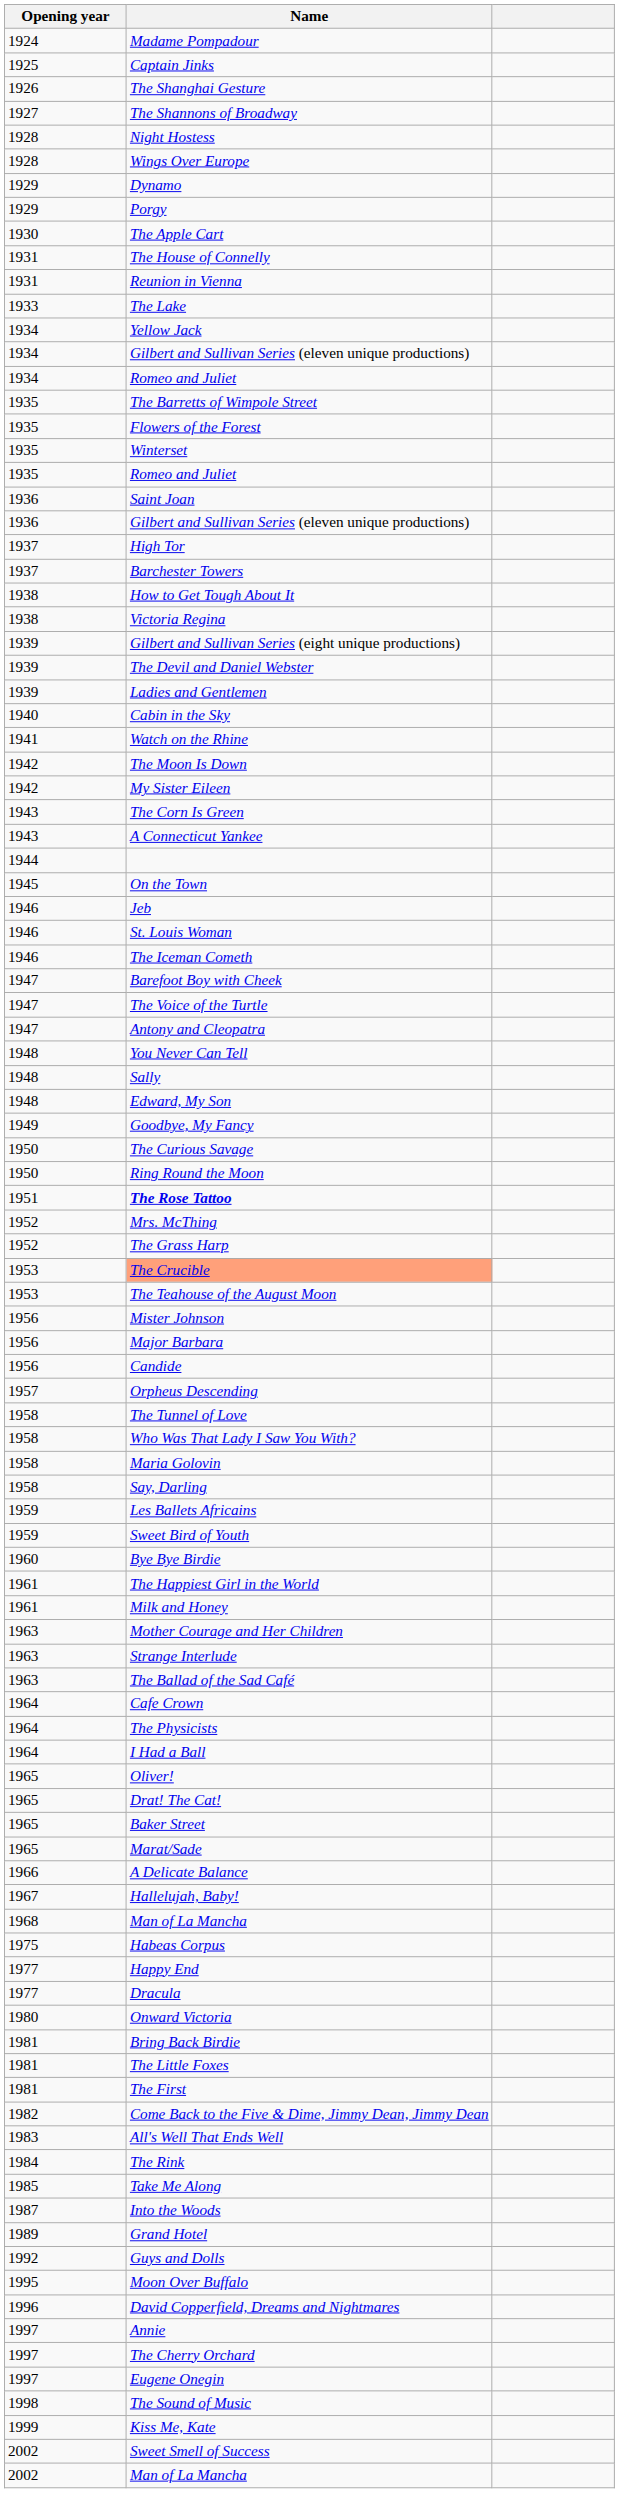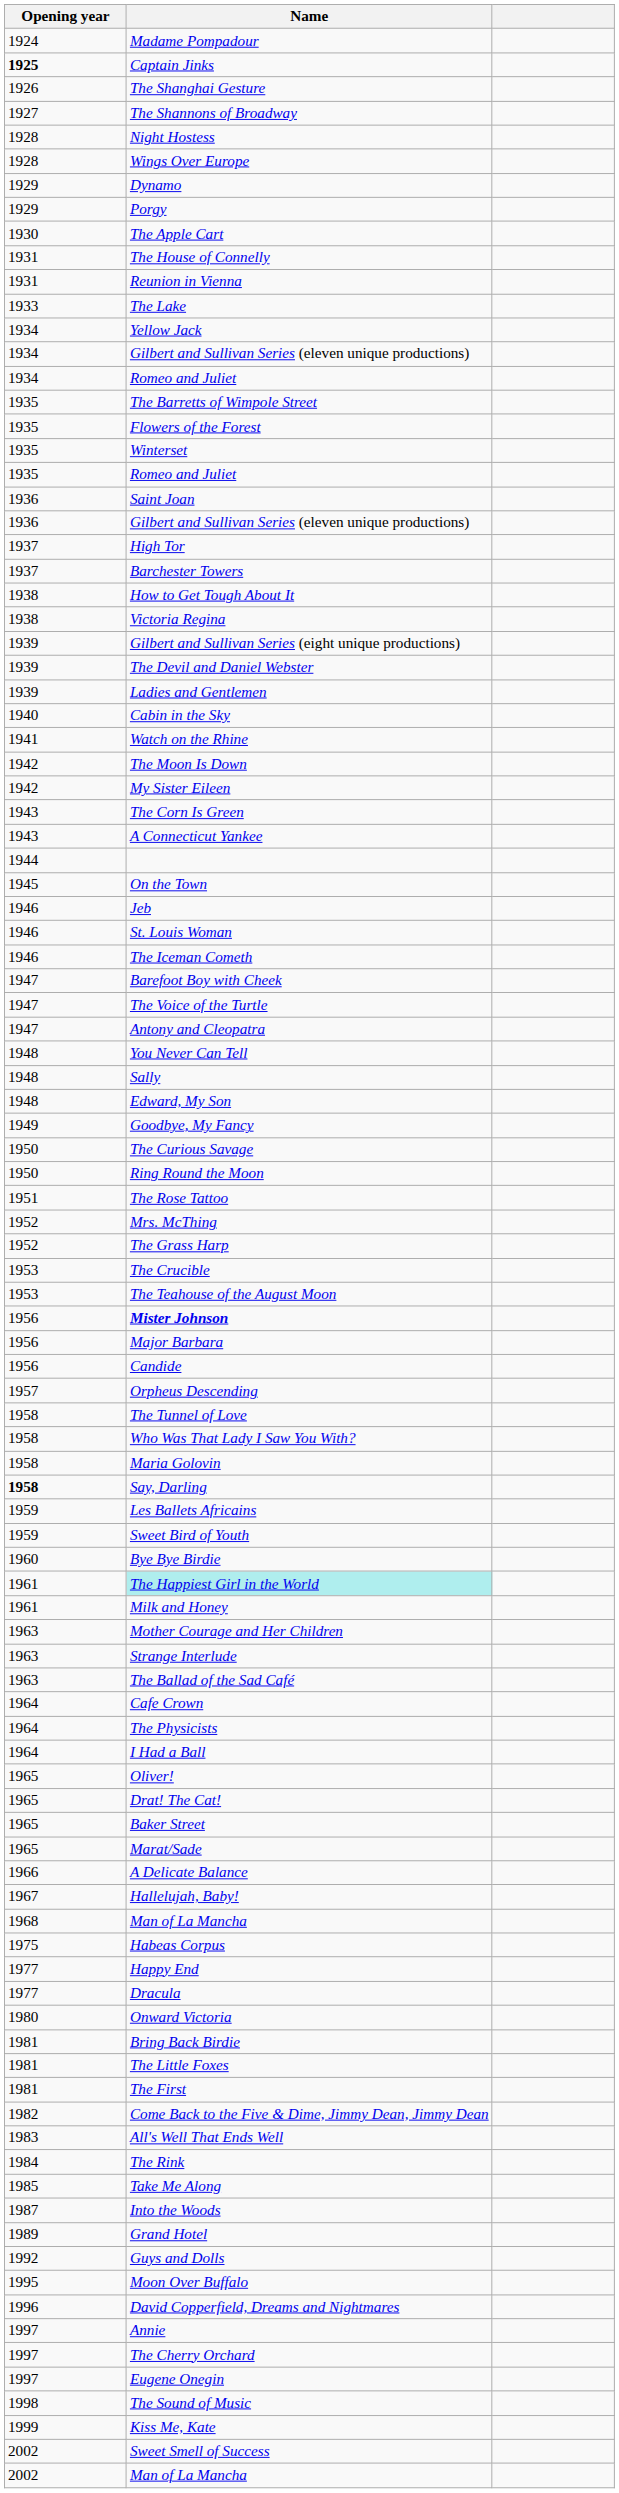 <table class="wikitable sortable collapsible">
 <tr>
 <th width=20% scope="col">Opening year</th>
 <th width=60% scope="col">Name</th>
 <th width=20% scope="col"  class="unsortable"></th>
 </tr>
 <tr>
 <td>1924</td>
 <td><em><a href='#'>Madame Pompadour</a></em></td>
 <td></td>
 </tr>
 <tr>
-<td>1925</td>
+<td><strong>1925</strong></td>
 <td><em><a href='#'>Captain Jinks</a></em></td>
 <td></td>
 </tr>
 <tr>
 <td>1926</td>
 <td><em><a href='#'>The Shanghai Gesture</a></em></td>
 <td></td>
 </tr>
 <tr>
 <td>1927</td>
 <td><em><a href='#'>The Shannons of Broadway</a></em></td>
 <td></td>
 </tr>
 <tr>
 <td>1928</td>
 <td><em><a href='#'>Night Hostess</a></em></td>
 <td></td>
 </tr>
 <tr>
 <td>1928</td>
 <td><em><a href='#'>Wings Over Europe</a></em></td>
 <td></td>
 </tr>
 <tr>
 <td>1929</td>
 <td><em><a href='#'>Dynamo</a></em></td>
 <td></td>
 </tr>
 <tr>
 <td>1929</td>
 <td><em><a href='#'>Porgy</a></em></td>
 <td></td>
 </tr>
 <tr>
 <td>1930</td>
 <td><em><a href='#'>The Apple Cart</a></em></td>
 <td></td>
 </tr>
 <tr>
 <td>1931</td>
 <td><em><a href='#'>The House of Connelly</a></em></td>
 <td></td>
 </tr>
 <tr>
 <td>1931</td>
 <td><em><a href='#'>Reunion in Vienna</a></em></td>
 <td></td>
 </tr>
 <tr>
 <td>1933</td>
 <td><em><a href='#'>The Lake</a></em></td>
 <td></td>
 </tr>
 <tr>
 <td>1934</td>
 <td><em><a href='#'>Yellow Jack</a></em></td>
 <td></td>
 </tr>
 <tr>
 <td>1934</td>
 <td><em><a href='#'>Gilbert and Sullivan Series</a></em> (eleven unique productions)</td>
 <td></td>
 </tr>
 <tr>
 <td>1934</td>
 <td><em><a href='#'>Romeo and Juliet</a></em></td>
 <td></td>
 </tr>
 <tr>
 <td>1935</td>
 <td><em><a href='#'>The Barretts of Wimpole Street</a></em></td>
 <td></td>
 </tr>
 <tr>
 <td>1935</td>
 <td><em><a href='#'>Flowers of the Forest</a></em></td>
 <td></td>
 </tr>
 <tr>
 <td>1935</td>
 <td><em><a href='#'>Winterset</a></em></td>
 <td></td>
 </tr>
 <tr>
 <td>1935</td>
 <td><em><a href='#'>Romeo and Juliet</a></em></td>
 <td></td>
 </tr>
 <tr>
 <td>1936</td>
 <td><em><a href='#'>Saint Joan</a></em></td>
 <td></td>
 </tr>
 <tr>
 <td>1936</td>
 <td><em><a href='#'>Gilbert and Sullivan Series</a></em> (eleven unique productions)</td>
 <td></td>
 </tr>
 <tr>
 <td>1937</td>
 <td><em><a href='#'>High Tor</a></em></td>
 <td></td>
 </tr>
 <tr>
 <td>1937</td>
 <td><em><a href='#'>Barchester Towers</a></em></td>
 <td></td>
 </tr>
 <tr>
 <td>1938</td>
 <td><em><a href='#'>How to Get Tough About It</a></em></td>
 <td></td>
 </tr>
 <tr>
 <td>1938</td>
 <td><em><a href='#'>Victoria Regina</a></em></td>
 <td></td>
 </tr>
 <tr>
 <td>1939</td>
 <td><em><a href='#'>Gilbert and Sullivan Series</a></em> (eight unique productions)</td>
 <td></td>
 </tr>
 <tr>
 <td>1939</td>
 <td><em><a href='#'>The Devil and Daniel Webster</a></em></td>
 <td></td>
 </tr>
 <tr>
 <td>1939</td>
 <td><em><a href='#'>Ladies and Gentlemen</a></em></td>
 <td></td>
 </tr>
 <tr>
 <td>1940</td>
 <td><em><a href='#'>Cabin in the Sky</a></em></td>
 <td></td>
 </tr>
 <tr>
 <td>1941</td>
 <td><em><a href='#'>Watch on the Rhine</a></em></td>
 <td></td>
 </tr>
 <tr>
 <td>1942</td>
 <td><em><a href='#'>The Moon Is Down</a></em></td>
 <td></td>
 </tr>
 <tr>
 <td>1942</td>
 <td><em><a href='#'>My Sister Eileen</a></em></td>
 <td></td>
 </tr>
 <tr>
 <td>1943</td>
 <td><em><a href='#'>The Corn Is Green</a></em></td>
 <td></td>
 </tr>
 <tr>
 <td>1943</td>
 <td><em><a href='#'>A Connecticut Yankee</a></em></td>
 <td></td>
 </tr>
 <tr>
 <td>1944</td>
 <td><em></em></td>
 <td></td>
 </tr>
 <tr>
 <td>1945</td>
 <td><em><a href='#'>On the Town</a></em></td>
 <td></td>
 </tr>
 <tr>
 <td>1946</td>
 <td><em><a href='#'>Jeb</a></em></td>
 <td></td>
 </tr>
 <tr>
 <td>1946</td>
 <td><em><a href='#'>St. Louis Woman</a></em></td>
 <td></td>
 </tr>
 <tr>
 <td>1946</td>
 <td><em><a href='#'>The Iceman Cometh</a></em></td>
 <td></td>
 </tr>
 <tr>
 <td>1947</td>
 <td><em><a href='#'>Barefoot Boy with Cheek</a></em></td>
 <td></td>
 </tr>
 <tr>
 <td>1947</td>
 <td><em><a href='#'>The Voice of the Turtle</a></em></td>
 <td></td>
 </tr>
 <tr>
 <td>1947</td>
 <td><em><a href='#'>Antony and Cleopatra</a></em></td>
 <td></td>
 </tr>
 <tr>
 <td>1948</td>
 <td><em><a href='#'>You Never Can Tell</a></em></td>
 <td></td>
 </tr>
 <tr>
 <td>1948</td>
 <td><em><a href='#'>Sally</a></em></td>
 <td></td>
 </tr>
 <tr>
 <td>1948</td>
 <td><em><a href='#'>Edward, My Son</a></em></td>
 <td></td>
 </tr>
 <tr>
 <td>1949</td>
 <td><em><a href='#'>Goodbye, My Fancy</a></em></td>
 <td></td>
 </tr>
 <tr>
 <td>1950</td>
 <td><em><a href='#'>The Curious Savage</a></em></td>
 <td></td>
 </tr>
 <tr>
 <td>1950</td>
 <td><em><a href='#'>Ring Round the Moon</a></em></td>
 <td></td>
 </tr>
 <tr>
 <td>1951</td>
-<td><strong><em><a href='#'>The Rose Tattoo</a></em></strong></td>
+<td><em><a href='#'>The Rose Tattoo</a></em></td>
 <td></td>
 </tr>
 <tr>
 <td>1952</td>
 <td><em><a href='#'>Mrs. McThing</a></em></td>
 <td></td>
 </tr>
 <tr>
 <td>1952</td>
 <td><em><a href='#'>The Grass Harp</a></em></td>
 <td></td>
 </tr>
 <tr>
 <td>1953</td>
-<td style="background: lightsalmon;"><em><a href='#'>The Crucible</a></em></td>
+<td><em><a href='#'>The Crucible</a></em></td>
 <td></td>
 </tr>
 <tr>
 <td>1953</td>
 <td><em><a href='#'>The Teahouse of the August Moon</a></em></td>
 <td></td>
 </tr>
 <tr>
 <td>1956</td>
-<td><em><a href='#'>Mister Johnson</a></em></td>
+<td><strong><em><a href='#'>Mister Johnson</a></em></strong></td>
 <td></td>
 </tr>
 <tr>
 <td>1956</td>
 <td><em><a href='#'>Major Barbara</a></em></td>
 <td></td>
 </tr>
 <tr>
 <td>1956</td>
 <td><em><a href='#'>Candide</a></em></td>
 <td></td>
 </tr>
 <tr>
 <td>1957</td>
 <td><em><a href='#'>Orpheus Descending</a></em></td>
 <td></td>
 </tr>
 <tr>
 <td>1958</td>
 <td><em><a href='#'>The Tunnel of Love</a></em></td>
 <td></td>
 </tr>
 <tr>
 <td>1958</td>
 <td><em><a href='#'>Who Was That Lady I Saw You With?</a></em></td>
 <td></td>
 </tr>
 <tr>
 <td>1958</td>
 <td><em><a href='#'>Maria Golovin</a></em></td>
 <td></td>
 </tr>
 <tr>
-<td>1958</td>
+<td><strong>1958</strong></td>
 <td><em><a href='#'>Say, Darling</a></em></td>
 <td></td>
 </tr>
 <tr>
 <td>1959</td>
 <td><em><a href='#'>Les Ballets Africains</a></em></td>
 <td></td>
 </tr>
 <tr>
 <td>1959</td>
 <td><em><a href='#'>Sweet Bird of Youth</a></em></td>
 <td></td>
 </tr>
 <tr>
 <td>1960</td>
 <td><em><a href='#'>Bye Bye Birdie</a></em></td>
 <td></td>
 </tr>
 <tr>
 <td>1961</td>
-<td><em><a href='#'>The Happiest Girl in the World</a></em></td>
+<td style="background: paleturquoise;"><em><a href='#'>The Happiest Girl in the World</a></em></td>
 <td></td>
 </tr>
 <tr>
 <td>1961</td>
 <td><em><a href='#'>Milk and Honey</a></em></td>
 <td></td>
 </tr>
 <tr>
 <td>1963</td>
 <td><em><a href='#'>Mother Courage and Her Children</a></em></td>
 <td></td>
 </tr>
 <tr>
 <td>1963</td>
 <td><em><a href='#'>Strange Interlude</a></em></td>
 <td></td>
 </tr>
 <tr>
 <td>1963</td>
 <td><em><a href='#'>The Ballad of the Sad Café</a></em></td>
 <td></td>
 </tr>
 <tr>
 <td>1964</td>
 <td><em><a href='#'>Cafe Crown</a></em></td>
 <td></td>
 </tr>
 <tr>
 <td>1964</td>
 <td><em><a href='#'>The Physicists</a></em></td>
 <td></td>
 </tr>
 <tr>
 <td>1964</td>
 <td><em><a href='#'>I Had a Ball</a></em></td>
 <td></td>
 </tr>
 <tr>
 <td>1965</td>
 <td><em><a href='#'>Oliver!</a></em></td>
 <td></td>
 </tr>
 <tr>
 <td>1965</td>
 <td><em><a href='#'>Drat! The Cat!</a></em></td>
 <td></td>
 </tr>
 <tr>
 <td>1965</td>
 <td><em><a href='#'>Baker Street</a></em></td>
 <td></td>
 </tr>
 <tr>
 <td>1965</td>
 <td><em><a href='#'>Marat/Sade</a></em></td>
 <td></td>
 </tr>
 <tr>
 <td>1966</td>
 <td><em><a href='#'>A Delicate Balance</a></em></td>
 <td></td>
 </tr>
 <tr>
 <td>1967</td>
 <td><em><a href='#'>Hallelujah, Baby!</a></em></td>
 <td></td>
 </tr>
 <tr>
 <td>1968</td>
 <td><em><a href='#'>Man of La Mancha</a></em></td>
 <td></td>
 </tr>
 <tr>
 <td>1975</td>
 <td><em><a href='#'>Habeas Corpus</a></em></td>
 <td></td>
 </tr>
 <tr>
 <td>1977</td>
 <td><em><a href='#'>Happy End</a></em></td>
 <td></td>
 </tr>
 <tr>
 <td>1977</td>
 <td><em><a href='#'>Dracula</a></em></td>
 <td></td>
 </tr>
 <tr>
 <td>1980</td>
 <td><em><a href='#'>Onward Victoria</a></em></td>
 <td></td>
 </tr>
 <tr>
 <td>1981</td>
 <td><em><a href='#'>Bring Back Birdie</a></em></td>
 <td></td>
 </tr>
 <tr>
 <td>1981</td>
 <td><em><a href='#'>The Little Foxes</a></em></td>
 <td></td>
 </tr>
 <tr>
 <td>1981</td>
 <td><em><a href='#'>The First</a></em></td>
 <td></td>
 </tr>
 <tr>
 <td>1982</td>
 <td><em><a href='#'>Come Back to the Five & Dime, Jimmy Dean, Jimmy Dean</a></em></td>
 <td></td>
 </tr>
 <tr>
 <td>1983</td>
 <td><em><a href='#'>All's Well That Ends Well</a></em></td>
 <td></td>
 </tr>
 <tr>
 <td>1984</td>
 <td><em><a href='#'>The Rink</a></em></td>
 <td></td>
 </tr>
 <tr>
 <td>1985</td>
 <td><em><a href='#'>Take Me Along</a></em></td>
 <td></td>
 </tr>
 <tr>
 <td>1987</td>
 <td><em><a href='#'>Into the Woods</a></em></td>
 <td></td>
 </tr>
 <tr>
 <td>1989</td>
 <td><em><a href='#'>Grand Hotel</a></em></td>
 <td></td>
 </tr>
 <tr>
 <td>1992</td>
 <td><em><a href='#'>Guys and Dolls</a></em></td>
 <td></td>
 </tr>
 <tr>
 <td>1995</td>
 <td><em><a href='#'>Moon Over Buffalo</a></em></td>
 <td></td>
 </tr>
 <tr>
 <td>1996</td>
 <td><em><a href='#'>David Copperfield, Dreams and Nightmares</a></em></td>
 <td></td>
 </tr>
 <tr>
 <td>1997</td>
 <td><em><a href='#'>Annie</a></em></td>
 <td></td>
 </tr>
 <tr>
 <td>1997</td>
 <td><em><a href='#'>The Cherry Orchard</a></em></td>
 <td></td>
 </tr>
 <tr>
 <td>1997</td>
 <td><em><a href='#'>Eugene Onegin</a></em></td>
 <td></td>
 </tr>
 <tr>
 <td>1998</td>
 <td><em><a href='#'>The Sound of Music</a></em></td>
 <td></td>
 </tr>
 <tr>
 <td>1999</td>
 <td><em><a href='#'>Kiss Me, Kate</a></em></td>
 <td></td>
 </tr>
 <tr>
 <td>2002</td>
 <td><em><a href='#'>Sweet Smell of Success</a></em></td>
 <td></td>
 </tr>
 <tr>
 <td>2002</td>
 <td><em><a href='#'>Man of La Mancha</a></em></td>
 <td></td>
 </tr>
 </table>
